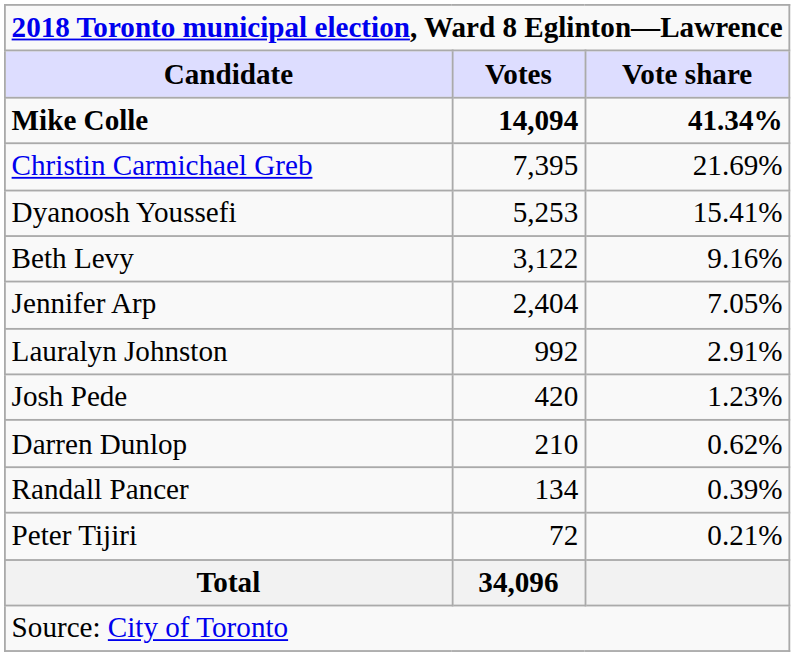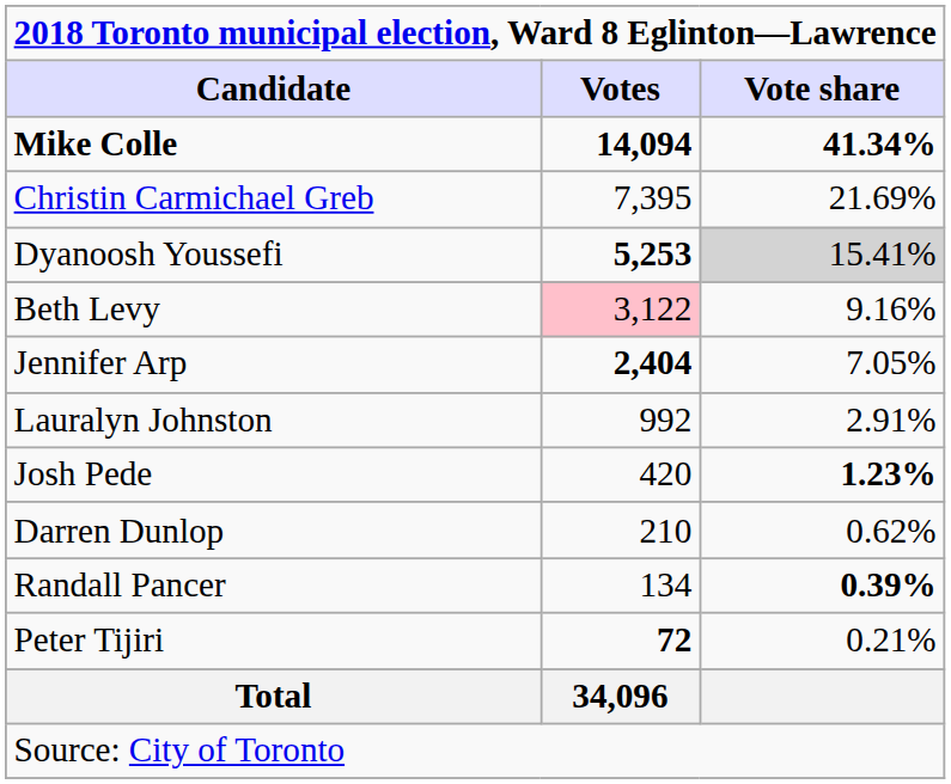 <table class="wikitable plainrowheaders">
 <tr>
 <td colspan="3"><strong><a href='#'>2018 Toronto municipal election</a>, Ward 8 Eglinton—Lawrence</strong></td>
 </tr>
 <tr>
 <th scope="col" style="background:#ddf;">Candidate</th>
 <th scope="col" style="background:#ddf;">Votes</th>
 <th scope="col" style="background:#ddf;">Vote share</th>
 </tr>
 <tr>
 <td scope="row"><strong>Mike Colle</strong></td>
 <td align="right"><strong>14,094</strong></td>
 <td align="right"><strong>41.34%</strong></td>
 </tr>
 <tr>
 <td scope="row"><a href='#'>Christin Carmichael Greb</a></td>
 <td align="right">7,395</td>
 <td align="right">21.69%</td>
 </tr>
 <tr>
 <td scope="row">Dyanoosh Youssefi</td>
-<td align="right">5,253</td>
-<td align="right">15.41%</td>
+<td align="right"><strong>5,253</strong></td>
+<td align="right" style="background: lightgrey;">15.41%</td>
 </tr>
 <tr>
 <td scope="row">Beth Levy</td>
-<td align="right">3,122</td>
+<td align="right" style="background: pink;">3,122</td>
 <td align="right">9.16%</td>
 </tr>
 <tr>
 <td scope="row">Jennifer Arp</td>
-<td align="right">2,404</td>
+<td align="right"><strong>2,404</strong></td>
 <td align="right">7.05%</td>
 </tr>
 <tr>
 <td scope="row">Lauralyn Johnston</td>
 <td align="right">992</td>
 <td align="right">2.91%</td>
 </tr>
 <tr>
 <td scope="row">Josh Pede</td>
 <td align="right">420</td>
-<td align="right">1.23%</td>
+<td align="right"><strong>1.23%</strong></td>
 </tr>
 <tr>
 <td scope="row">Darren Dunlop</td>
 <td align="right">210</td>
 <td align="right">0.62%</td>
 </tr>
 <tr>
 <td>Randall Pancer</td>
 <td align="right">134</td>
-<td align="right">0.39%</td>
+<td align="right"><strong>0.39%</strong></td>
 </tr>
 <tr>
 <td>Peter Tijiri</td>
-<td align="right">72</td>
+<td align="right"><strong>72</strong></td>
 <td align="right">0.21%</td>
 </tr>
 <tr>
 <th scope="row"><strong>Total</strong></th>
 <th align="right">34,096</th>
 <th align="right"></th>
 </tr>
 <tr>
 <td colspan="3">Source: <a href='#'>City of Toronto</a></td>
 </tr>
 </table>
